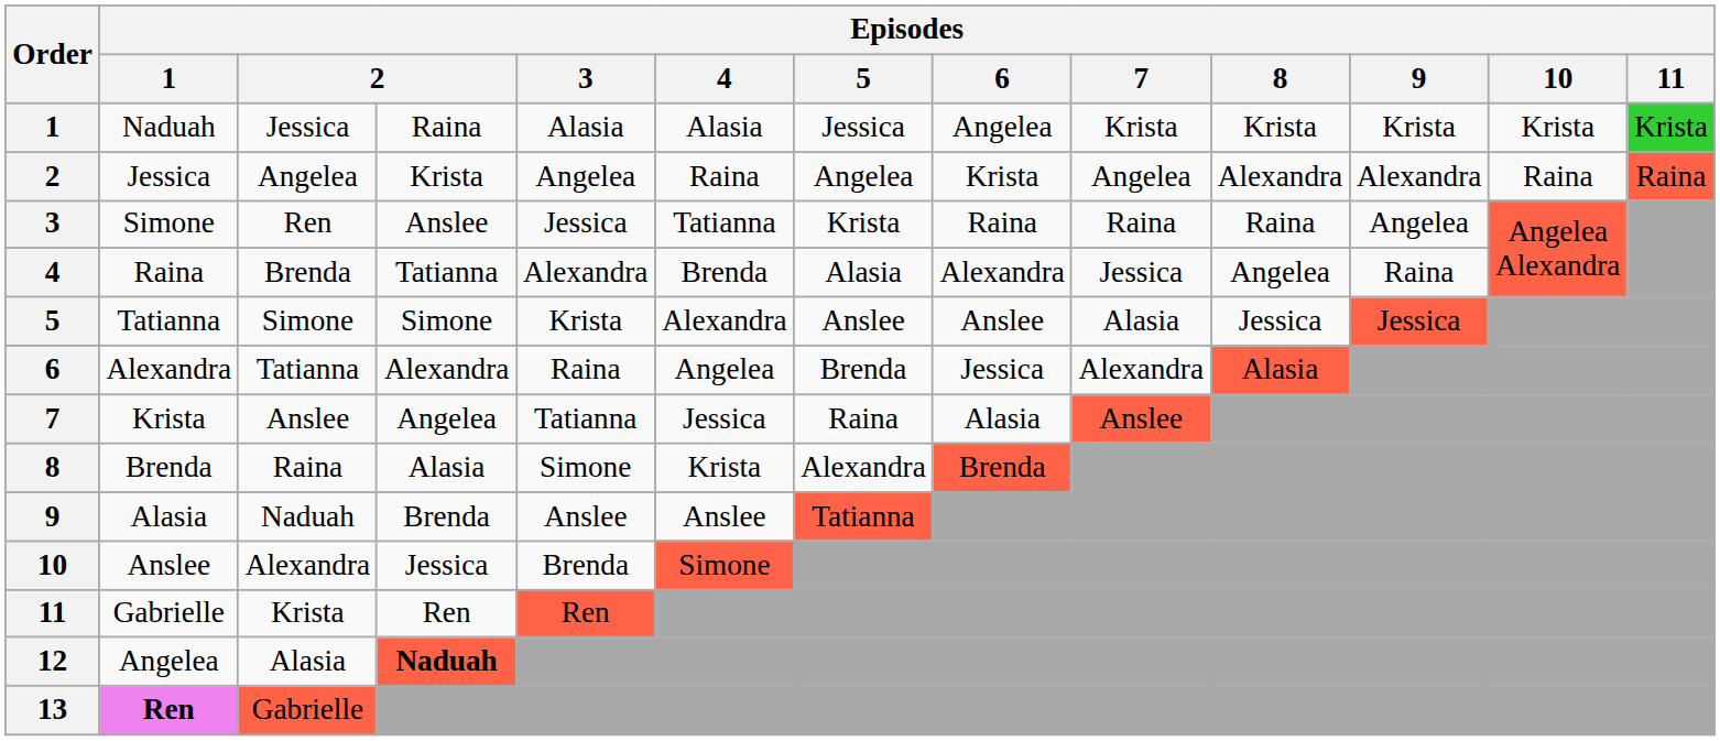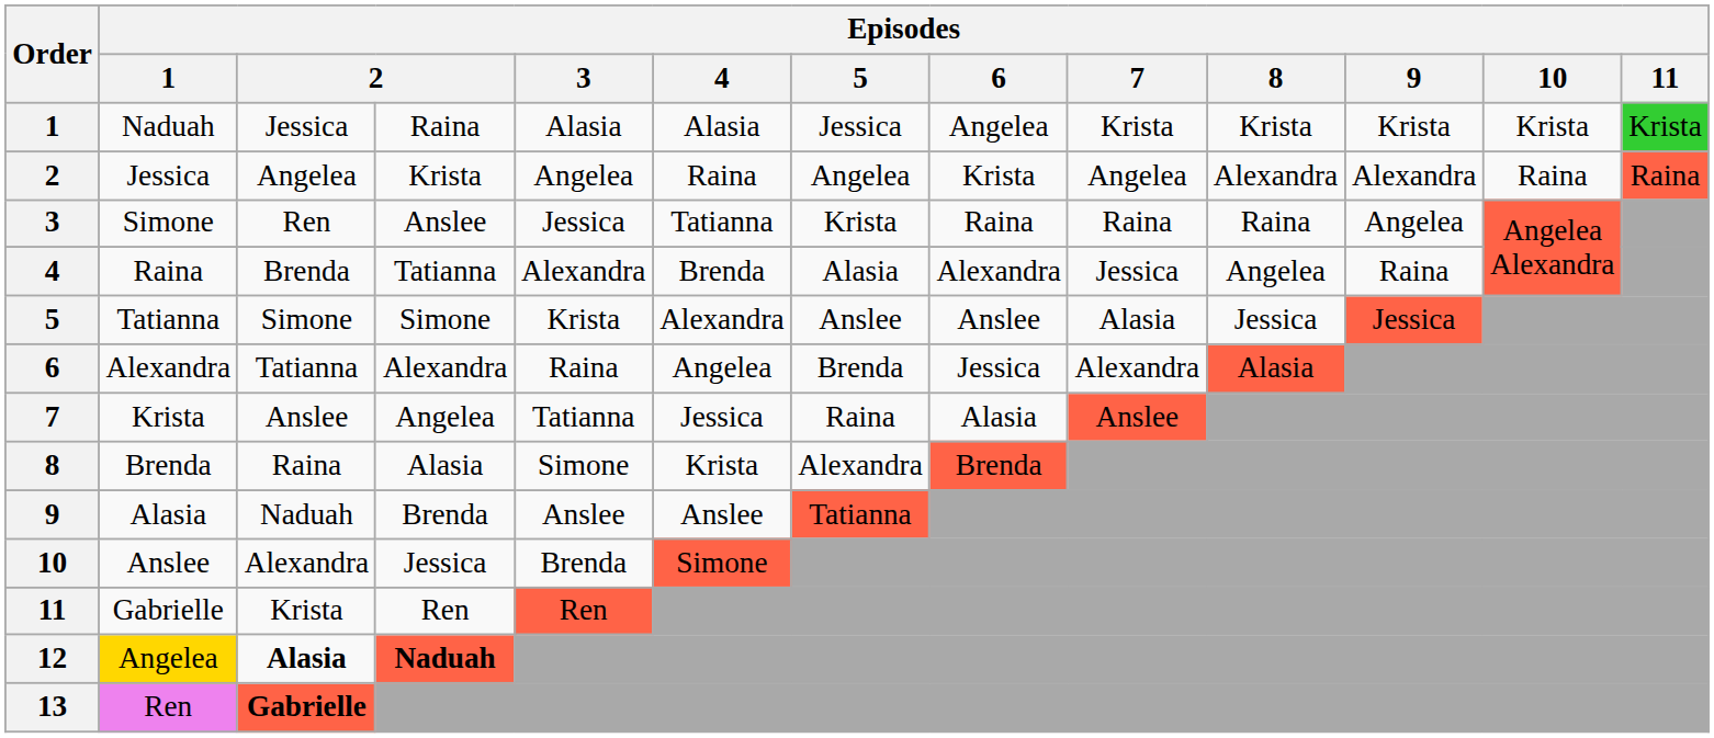 <table class="wikitable" style="text-align:center; font-size:92%">
 <tr>
 <th rowspan=2>Order</th>
 <th colspan=12>Episodes</th>
 </tr>
 <tr>
 <th>1</th>
 <th colspan="2">2</th>
 <th>3</th>
 <th>4</th>
 <th>5</th>
 <th>6</th>
 <th>7</th>
 <th>8</th>
 <th>9</th>
 <th>10</th>
 <th>11</th>
 </tr>
 <tr>
 <th>1</th>
 <td>Naduah</td>
 <td>Jessica</td>
 <td>Raina</td>
 <td>Alasia</td>
 <td>Alasia</td>
 <td>Jessica</td>
 <td>Angelea</td>
 <td>Krista</td>
 <td>Krista</td>
 <td>Krista</td>
 <td>Krista</td>
 <td style="background:limegreen;">Krista</td>
 </tr>
 <tr>
 <th>2</th>
 <td>Jessica</td>
 <td>Angelea</td>
 <td>Krista</td>
 <td>Angelea</td>
 <td>Raina</td>
 <td>Angelea</td>
 <td>Krista</td>
 <td>Angelea</td>
 <td>Alexandra</td>
 <td>Alexandra</td>
 <td>Raina</td>
 <td style="background:tomato;">Raina</td>
 </tr>
 <tr>
 <th>3</th>
 <td>Simone</td>
 <td>Ren</td>
 <td>Anslee</td>
 <td>Jessica</td>
 <td>Tatianna</td>
 <td>Krista</td>
 <td>Raina</td>
 <td>Raina</td>
 <td>Raina</td>
 <td>Angelea</td>
 <td rowspan="2"style="background:tomato;">Angelea<br>Alexandra</td>
 <td style="background:darkgrey;"></td>
 </tr>
 <tr>
 <th>4</th>
 <td>Raina</td>
 <td>Brenda</td>
 <td>Tatianna</td>
 <td>Alexandra</td>
 <td>Brenda</td>
 <td>Alasia</td>
 <td>Alexandra</td>
 <td>Jessica</td>
 <td>Angelea</td>
 <td>Raina</td>
 <td style="background:darkgrey;"></td>
 </tr>
 <tr>
 <th>5</th>
 <td>Tatianna</td>
 <td>Simone</td>
 <td>Simone</td>
 <td>Krista</td>
 <td>Alexandra</td>
 <td>Anslee</td>
 <td>Anslee</td>
 <td>Alasia</td>
 <td>Jessica</td>
 <td style="background:tomato;">Jessica</td>
 <td colspan="2" style="background:darkgrey;"></td>
 </tr>
 <tr>
 <th>6</th>
 <td>Alexandra</td>
 <td>Tatianna</td>
 <td>Alexandra</td>
 <td>Raina</td>
 <td>Angelea</td>
 <td>Brenda</td>
 <td>Jessica</td>
 <td>Alexandra</td>
 <td style="background:tomato;">Alasia</td>
 <td colspan="3" style="background:darkgrey;"></td>
 </tr>
 <tr>
 <th>7</th>
 <td>Krista</td>
 <td>Anslee</td>
 <td>Angelea</td>
 <td>Tatianna</td>
 <td>Jessica</td>
 <td>Raina</td>
 <td>Alasia</td>
 <td style="background:tomato;">Anslee</td>
 <td colspan="4" style="background:darkgrey;"></td>
 </tr>
 <tr>
 <th>8</th>
 <td>Brenda</td>
 <td>Raina</td>
 <td>Alasia</td>
 <td>Simone</td>
 <td>Krista</td>
 <td>Alexandra</td>
 <td style="background:tomato;">Brenda</td>
 <td colspan="5" style="background:darkgrey;"></td>
 </tr>
 <tr>
 <th>9</th>
 <td>Alasia</td>
 <td>Naduah</td>
 <td>Brenda</td>
 <td>Anslee</td>
 <td>Anslee</td>
 <td style="background:tomato;">Tatianna</td>
 <td colspan="6" style="background:darkgrey;"></td>
 </tr>
 <tr>
 <th>10</th>
 <td>Anslee</td>
 <td>Alexandra</td>
 <td>Jessica</td>
 <td>Brenda</td>
 <td style="background:tomato;">Simone</td>
 <td colspan="7" style="background:darkgrey;"></td>
 </tr>
 <tr>
 <th>11</th>
 <td>Gabrielle</td>
 <td>Krista</td>
 <td>Ren</td>
 <td style="background:tomato;">Ren</td>
 <td colspan="8" style="background:darkgrey;"></td>
 </tr>
 <tr>
 <th>12</th>
-<td>Angelea</td>
-<td>Alasia</td>
+<td style="background: gold;">Angelea</td>
+<td><strong>Alasia</strong></td>
 <td style="background:tomato;"><strong>Naduah</strong></td>
 <td colspan="9" style="background:darkgrey;"></td>
 </tr>
 <tr>
 <th>13</th>
-<td style="background:violet;"><strong>Ren</strong></td>
-<td style="background:tomato;">Gabrielle</td>
+<td style="background:violet;">Ren</td>
+<td style="background:tomato;"><strong>Gabrielle</strong></td>
 <td colspan="10" style="background:darkgrey;"></td>
 </tr>
 </table>
